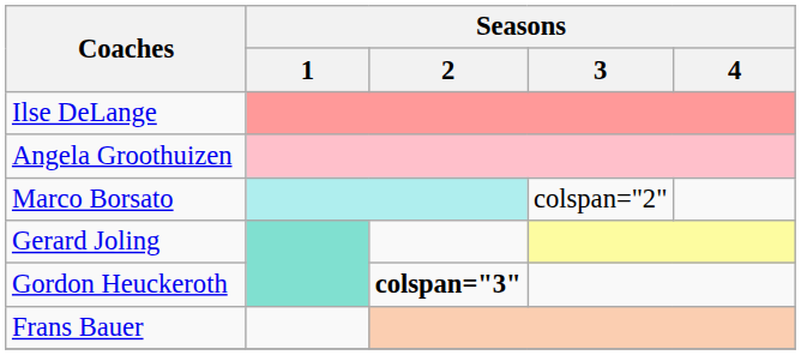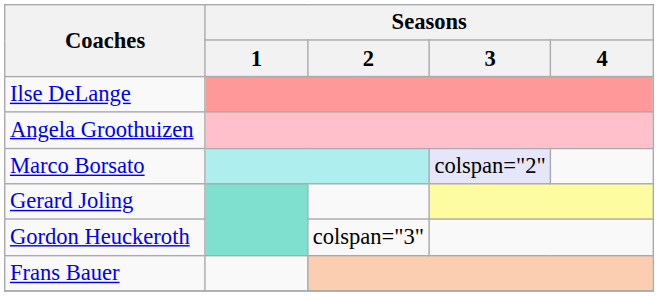 <table class="wikitable" width:"80%">
 <tr>
 <th rowspan="2" width="135">Coaches</th>
 <th colspan="4" style="text-align:center">Seasons</th>
 </tr>
 <tr>
 <th width="65">1</th>
 <th width="65">2</th>
 <th width="65">3</th>
 <th width="65">4</th>
 </tr>
 <tr>
 <td><a href='#'>Ilse DeLange</a></td>
 <td colspan="4" style="background:#ff9999"></td>
 </tr>
 <tr>
 <td><a href='#'>Angela Groothuizen</a></td>
 <td colspan="4" style="background:pink"></td>
 </tr>
 <tr>
 <td><a href='#'>Marco Borsato</a></td>
 <td colspan="2" style="background:#afeeee"></td>
-<td>colspan="2" </td>
+<td style="background: lavender;">colspan="2" </td>
 </tr>
 <tr>
 <td><a href='#'>Gerard Joling</a></td>
 <td rowspan="2" style="background:#80e0d0"></td>
 <td></td>
 <td colspan="2" style="background:#FDFCA0"></td>
 </tr>
 <tr>
 <td><a href='#'>Gordon Heuckeroth</a></td>
-<td><strong>colspan="3" </strong></td>
+<td>colspan="3" </td>
 </tr>
 <tr>
 <td><a href='#'>Frans Bauer</a></td>
 <td></td>
 <td colspan="3" style="background:#fbceb1"></td>
 </tr>
 <tr>
 </tr>
 </table>
